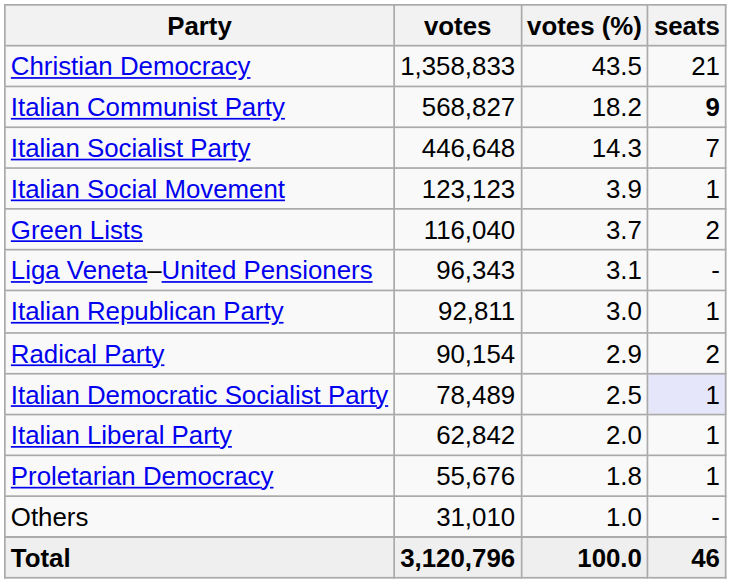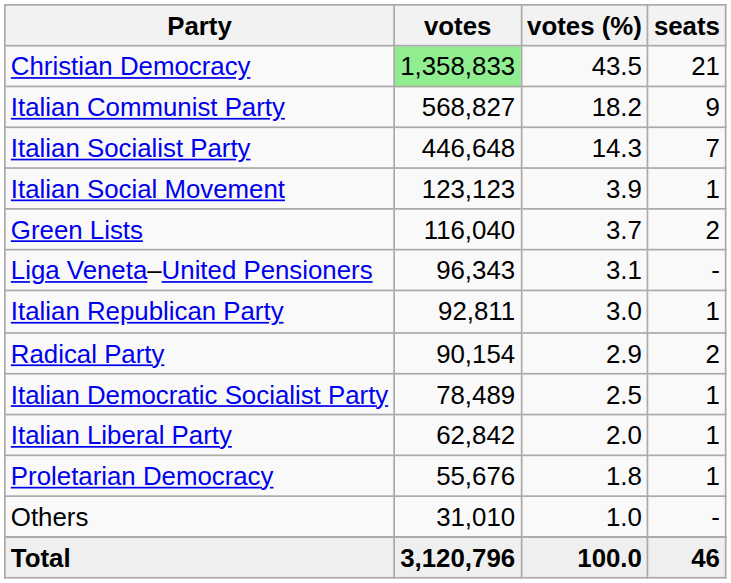 <table class="wikitable" style="font-size:95%">
 <tr bgcolor="EFEFEF">
 <th>Party</th>
 <th>votes</th>
 <th>votes (%)</th>
 <th>seats</th>
 </tr>
 <tr>
 <td><a href='#'>Christian Democracy</a></td>
-<td align=right>1,358,833</td>
+<td align=right style="background: lightgreen;">1,358,833</td>
 <td align=right>43.5</td>
 <td align=right>21</td>
 </tr>
 <tr>
 <td><a href='#'>Italian Communist Party</a></td>
 <td align=right>568,827</td>
 <td align=right>18.2</td>
-<td align=right><strong>9</strong></td>
+<td align=right>9</td>
 </tr>
 <tr>
 <td><a href='#'>Italian Socialist Party</a></td>
 <td align=right>446,648</td>
 <td align=right>14.3</td>
 <td align=right>7</td>
 </tr>
 <tr>
 <td><a href='#'>Italian Social Movement</a></td>
 <td align=right>123,123</td>
 <td align=right>3.9</td>
 <td align=right>1</td>
 </tr>
 <tr>
 <td><a href='#'>Green Lists</a></td>
 <td align=right>116,040</td>
 <td align=right>3.7</td>
 <td align=right>2</td>
 </tr>
 <tr>
 <td><a href='#'>Liga Veneta</a>–<a href='#'>United Pensioners</a></td>
 <td align=right>96,343</td>
 <td align=right>3.1</td>
 <td align=right>-</td>
 </tr>
 <tr>
 <td><a href='#'>Italian Republican Party</a></td>
 <td align=right>92,811</td>
 <td align=right>3.0</td>
 <td align=right>1</td>
 </tr>
 <tr>
 <td><a href='#'>Radical Party</a></td>
 <td align=right>90,154</td>
 <td align=right>2.9</td>
 <td align=right>2</td>
 </tr>
 <tr>
 <td><a href='#'>Italian Democratic Socialist Party</a></td>
 <td align=right>78,489</td>
 <td align=right>2.5</td>
-<td align=right style="background: lavender;">1</td>
+<td align=right>1</td>
 </tr>
 <tr>
 <td><a href='#'>Italian Liberal Party</a></td>
 <td align=right>62,842</td>
 <td align=right>2.0</td>
 <td align=right>1</td>
 </tr>
 <tr>
 <td><a href='#'>Proletarian Democracy</a></td>
 <td align=right>55,676</td>
 <td align=right>1.8</td>
 <td align=right>1</td>
 </tr>
 <tr>
 <td>Others</td>
 <td align=right>31,010</td>
 <td align=right>1.0</td>
 <td align=right>-</td>
 </tr>
 <tr>
 </tr>
 <tr bgcolor="EFEFEF">
 <td><strong>Total</strong></td>
 <td align=right><strong>3,120,796</strong></td>
 <td align=right><strong>100.0</strong></td>
 <td align=right><strong>46</strong></td>
 </tr>
 </table>
